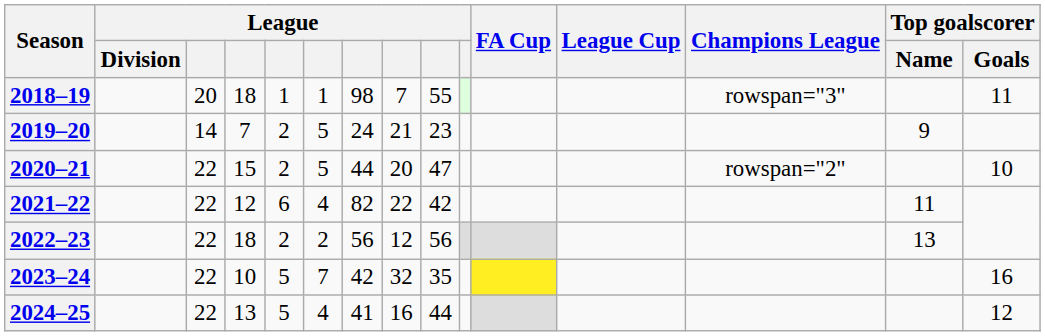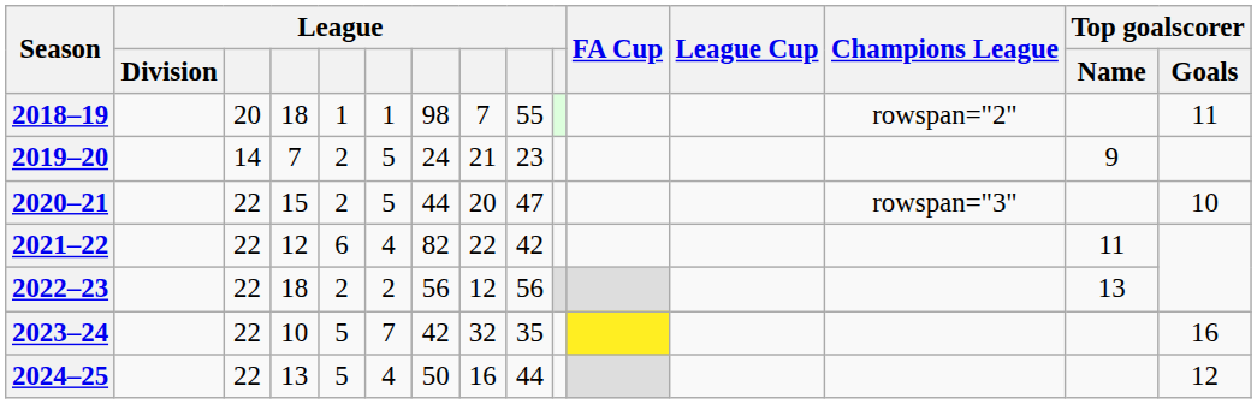 <table class="wikitable sortable plainrowheaders" style="text-align: center">
 <tr>
 <th rowspan=2 scope=col>Season</th>
 <th colspan=9 scope=col>League</th>
 <th rowspan=2 scope=col><a href='#'>FA Cup</a></th>
 <th rowspan=2 scope=col><a href='#'>League Cup</a></th>
 <th rowspan=2 scope=col><a href='#'>Champions League</a></th>
 <th colspan=2 scope=col>Top goalscorer</th>
 </tr>
 <tr>
 <th scope=col>Division</th>
 <th width=20 scope=col></th>
 <th width=20 scope=col></th>
 <th width=20 scope=col></th>
 <th width=20 scope=col></th>
 <th width=20 scope=col></th>
 <th width=20 scope=col></th>
 <th width=20 scope=col></th>
 <th scope=col></th>
 <th scope=col>Name</th>
 <th scope=col>Goals</th>
 </tr>
 <tr>
 <th scope=row><a href='#'>2018–19</a></th>
 <td></td>
 <td>20</td>
 <td>18</td>
 <td>1</td>
 <td>1</td>
 <td>98</td>
 <td>7</td>
 <td>55</td>
 <td style=background-color:#dfd></td>
 <td><a href='#'></a></td>
 <td><a href='#'></a></td>
-<td>rowspan="3"</td>
+<td>rowspan="2"</td>
 <td style=text-align:left></td>
 <td>11</td>
 </tr>
 <tr>
 <th scope=row><a href='#'>2019–20</a></th>
 <td></td>
 <td>14</td>
 <td>7</td>
 <td>2</td>
 <td>5</td>
 <td>24</td>
 <td>21</td>
 <td>23</td>
 <td></td>
 <td><a href='#'></a></td>
 <td><a href='#'></a></td>
 <td style=text-align:left></td>
 <td>9</td>
 </tr>
 <tr>
 <th scope=row><a href='#'>2020–21</a></th>
 <td></td>
 <td>22</td>
 <td>15</td>
 <td>2</td>
 <td>5</td>
 <td>44</td>
 <td>20</td>
 <td>47</td>
 <td></td>
 <td><a href='#'></a></td>
 <td><a href='#'></a></td>
-<td>rowspan="2"</td>
+<td>rowspan="3"</td>
 <td style=text-align:left></td>
 <td>10</td>
 </tr>
 <tr>
 <th scope=row><a href='#'>2021–22</a></th>
 <td></td>
 <td>22</td>
 <td>12</td>
 <td>6</td>
 <td>4</td>
 <td>82</td>
 <td>22</td>
 <td>42</td>
 <td></td>
 <td><a href='#'></a></td>
 <td><a href='#'></a></td>
 <td style=text-align:left></td>
 <td>11</td>
 </tr>
 <tr>
 <th scope=row><a href='#'>2022–23</a></th>
 <td></td>
 <td>22</td>
 <td>18</td>
 <td>2</td>
 <td>2</td>
 <td>56</td>
 <td>12</td>
 <td>56</td>
 <td style="background-color:#DDD"></td>
 <td style="background-color:#DDD"><a href='#'></a></td>
 <td><a href='#'></a></td>
 <td style=text-align:left></td>
 <td>13</td>
 </tr>
 <tr>
 <th scope=row><a href='#'>2023–24</a></th>
 <td></td>
 <td>22</td>
 <td>10</td>
 <td>5</td>
 <td>7</td>
 <td>42</td>
 <td>32</td>
 <td>35</td>
 <td></td>
 <td style="background-color:#FE2"><a href='#'></a></td>
 <td><a href='#'></a></td>
 <td><a href='#'></a></td>
 <td style=text-align:left></td>
 <td>16</td>
 </tr>
 <tr>
 <th scope=row><a href='#'>2024–25</a></th>
 <td></td>
 <td>22</td>
 <td>13</td>
 <td>5</td>
 <td>4</td>
-<td>41</td>
+<td>50</td>
 <td>16</td>
 <td>44</td>
 <td></td>
 <td style="background-color:#DDD"><a href='#'></a></td>
 <td><a href='#'></a></td>
 <td></td>
 <td style=text-align:left></td>
 <td>12</td>
 </tr>
 </table>
